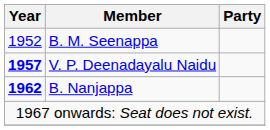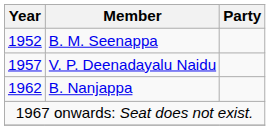 <table class="wikitable sortable">
 <tr>
 <th>Year</th>
 <th>Member</th>
 <th colspan="2">Party</th>
 </tr>
 <tr>
 <td><a href='#'>1952</a></td>
 <td><a href='#'>B. M. Seenappa</a></td>
 <td></td>
 </tr>
 <tr>
-<td><strong><a href='#'>1957</a></strong></td>
+<td><a href='#'>1957</a></td>
 <td><a href='#'>V. P. Deenadayalu Naidu</a></td>
 </tr>
 <tr>
-<td><strong><a href='#'>1962</a></strong></td>
+<td><a href='#'>1962</a></td>
 <td><a href='#'>B. Nanjappa</a></td>
 <td></td>
 </tr>
 <tr>
 <td colspan=4 align=center>1967 onwards: <em>Seat does not exist.</em></td>
 </tr>
 <tr>
 </tr>
 </table>
